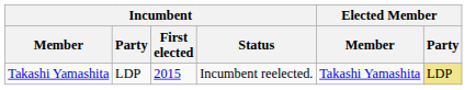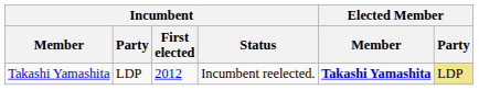 <table class="wikitable sortable">
 <tr>
 <th colspan=4>Incumbent</th>
 <th colspan=2>Elected Member</th>
 </tr>
 <tr>
 <th>Member</th>
 <th>Party</th>
 <th>First<br>elected</th>
 <th>Status</th>
 <th>Member</th>
 <th>Party</th>
 </tr>
 <tr>
 <td><a href='#'>Takashi Yamashita</a></td>
 <td>LDP</td>
-<td><a href='#'>2015</a></td>
+<td><a href='#'>2012</a></td>
 <td>Incumbent reelected.</td>
-<td><a href='#'>Takashi Yamashita</a></td>
+<td><strong><a href='#'>Takashi Yamashita</a></strong></td>
 <td style="background: khaki;">LDP</td>
 </tr>
 </table>
